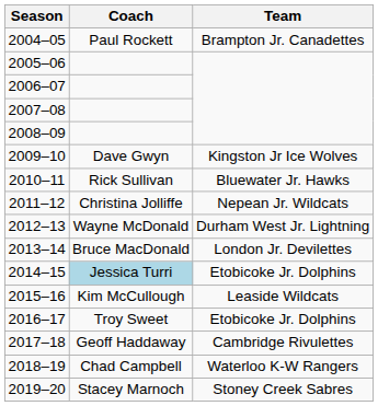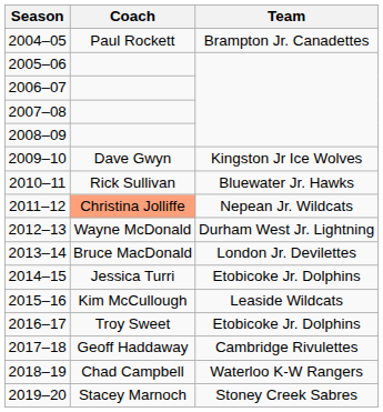 <table class="wikitable" style="text-align:center">
 <tr>
 <th>Season</th>
 <th>Coach</th>
 <th>Team</th>
 </tr>
 <tr>
 <td>2004–05</td>
 <td>Paul Rockett</td>
 <td>Brampton Jr. Canadettes</td>
 </tr>
 <tr>
 <td>2005–06</td>
 <td></td>
 </tr>
 <tr>
 <td>2006–07</td>
 <td></td>
 </tr>
 <tr>
 <td>2007–08</td>
 <td></td>
 </tr>
 <tr>
 <td>2008–09</td>
 <td></td>
 </tr>
 <tr>
 <td>2009–10</td>
 <td>Dave Gwyn</td>
 <td>Kingston Jr Ice Wolves</td>
 </tr>
 <tr>
 <td>2010–11</td>
 <td>Rick Sullivan</td>
 <td>Bluewater Jr. Hawks</td>
 </tr>
 <tr>
 <td>2011–12</td>
-<td>Christina Jolliffe</td>
+<td style="background: lightsalmon;">Christina Jolliffe</td>
 <td>Nepean Jr. Wildcats</td>
 </tr>
 <tr>
 <td>2012–13</td>
 <td>Wayne McDonald</td>
 <td>Durham West Jr. Lightning</td>
 </tr>
 <tr>
 <td>2013–14</td>
 <td>Bruce MacDonald</td>
 <td>London Jr. Devilettes</td>
 </tr>
 <tr>
 <td>2014–15</td>
-<td style="background: lightblue;">Jessica Turri</td>
+<td>Jessica Turri</td>
 <td>Etobicoke Jr. Dolphins</td>
 </tr>
 <tr>
 <td>2015–16</td>
 <td>Kim McCullough</td>
 <td>Leaside Wildcats</td>
 </tr>
 <tr>
 <td>2016–17</td>
 <td>Troy Sweet</td>
 <td>Etobicoke Jr. Dolphins</td>
 </tr>
 <tr>
 <td>2017–18</td>
 <td>Geoff Haddaway</td>
 <td>Cambridge Rivulettes</td>
 </tr>
 <tr>
 <td>2018–19</td>
 <td>Chad Campbell</td>
 <td>Waterloo K-W Rangers</td>
 </tr>
 <tr>
 <td>2019–20</td>
 <td>Stacey Marnoch</td>
 <td>Stoney Creek Sabres</td>
 </tr>
 </table>
